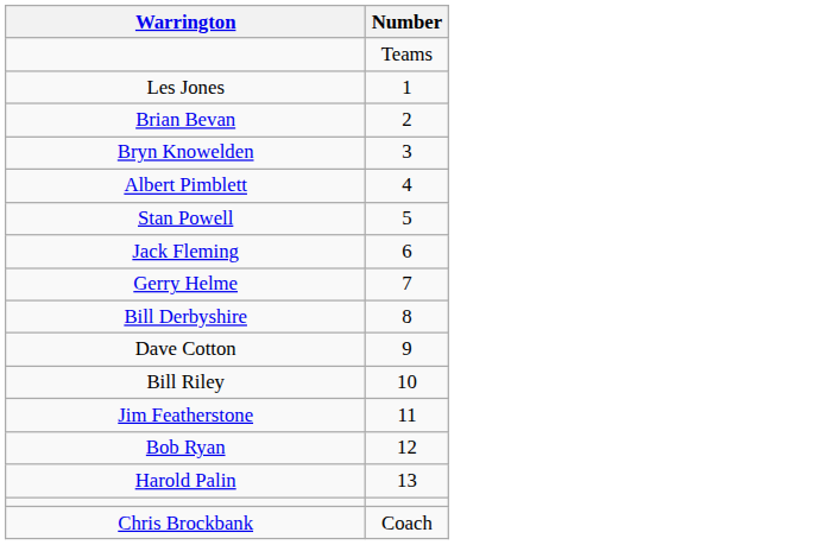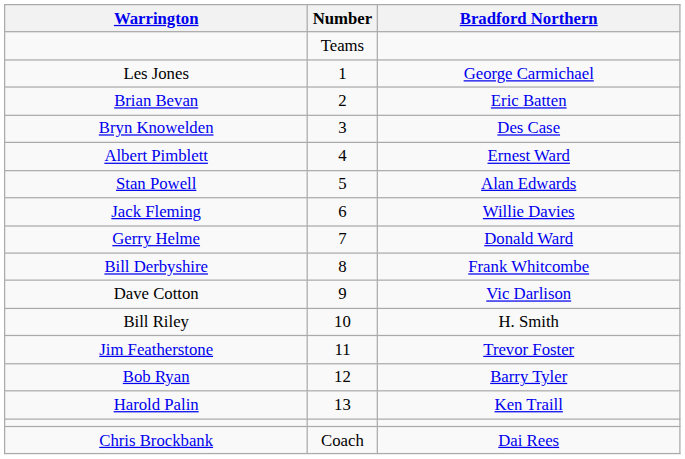 <table class="wikitable" style="text-align:center; font-size: 85%">
 <tr>
 <th width=240 abbr=winner><a href='#'>Warrington</a></th>
 <th width=50 abbr="Number">Number</th>
+<th width=240 abbr=runner-up><a href='#'>Bradford Northern</a></th>
 </tr>
 <tr>
 <td></td>
 <td>Teams</td>
+<td></td>
 </tr>
 <tr>
 <td>Les Jones</td>
 <td>1</td>
+<td><a href='#'>George Carmichael</a></td>
 </tr>
 <tr>
 <td><a href='#'>Brian Bevan</a></td>
 <td>2</td>
+<td><a href='#'>Eric Batten</a></td>
 </tr>
 <tr>
 <td><a href='#'>Bryn Knowelden</a></td>
 <td>3</td>
+<td><a href='#'>Des Case</a></td>
 </tr>
 <tr>
 <td><a href='#'>Albert Pimblett</a></td>
 <td>4</td>
+<td><a href='#'>Ernest Ward</a></td>
 </tr>
 <tr>
 <td><a href='#'>Stan Powell</a></td>
 <td>5</td>
+<td><a href='#'>Alan Edwards</a></td>
 </tr>
 <tr>
 <td><a href='#'>Jack Fleming</a></td>
 <td>6</td>
+<td><a href='#'>Willie Davies</a></td>
 </tr>
 <tr>
 <td><a href='#'>Gerry Helme</a></td>
 <td>7</td>
+<td><a href='#'>Donald Ward</a></td>
 </tr>
 <tr>
 <td><a href='#'>Bill Derbyshire</a></td>
 <td>8</td>
+<td><a href='#'>Frank Whitcombe</a></td>
 </tr>
 <tr>
 <td>Dave Cotton</td>
 <td>9</td>
+<td><a href='#'>Vic Darlison</a></td>
 </tr>
 <tr>
 <td>Bill Riley</td>
 <td>10</td>
+<td>H. Smith</td>
 </tr>
 <tr>
 <td><a href='#'>Jim Featherstone</a></td>
 <td>11</td>
+<td><a href='#'>Trevor Foster</a></td>
 </tr>
 <tr>
 <td><a href='#'>Bob Ryan</a></td>
 <td>12</td>
+<td><a href='#'>Barry Tyler</a></td>
 </tr>
 <tr>
 <td><a href='#'>Harold Palin</a></td>
 <td>13</td>
+<td><a href='#'>Ken Traill</a></td>
 </tr>
 <tr>
+<td></td>
 <td></td>
 <td></td>
 </tr>
 <tr>
 <td><a href='#'>Chris Brockbank</a></td>
 <td>Coach</td>
+<td><a href='#'>Dai Rees</a></td>
 </tr>
 </table>
